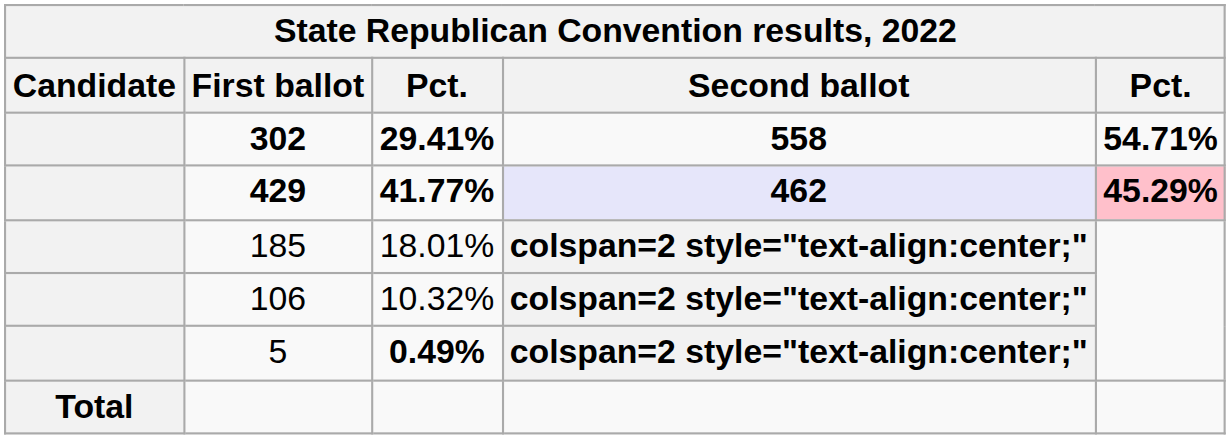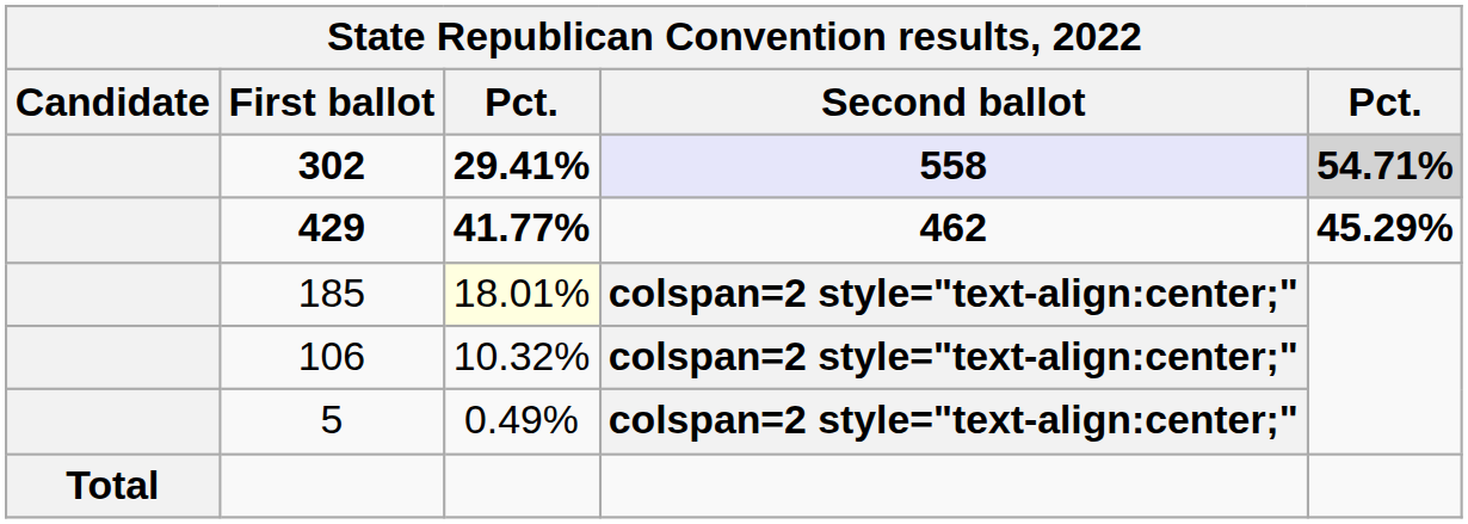 <table class="wikitable sortable plainrowheaders">
 <tr>
 <th colspan="5" >State Republican Convention results, 2022</th>
 </tr>
 <tr style="background:#eee; text-align:center;">
 <th>Candidate</th>
 <th>First ballot</th>
 <th>Pct.</th>
 <th>Second ballot</th>
 <th>Pct.</th>
 </tr>
 <tr>
 <th scope="row"></th>
 <td style="text-align:center;"><strong>302</strong></td>
 <td style="text-align:center;"><strong>29.41%</strong></td>
-<td style="text-align:center;"><strong>558</strong></td>
-<td style="text-align:center;"><strong>54.71%</strong></td>
+<td style="background: lavender; text-align:center;"><strong>558</strong></td>
+<td style="background: lightgrey; text-align:center;"><strong>54.71%</strong></td>
 </tr>
 <tr>
 <th scope="row"></th>
 <td style="text-align:center;"><strong>429</strong></td>
 <td style="text-align:center;"><strong>41.77%</strong></td>
-<td style="background: lavender; text-align:center;"><strong>462</strong></td>
-<td style="background: pink; text-align:center;"><strong>45.29%</strong></td>
+<td style="text-align:center;"><strong>462</strong></td>
+<td style="text-align:center;"><strong>45.29%</strong></td>
 </tr>
 <tr>
 <th scope="row"></th>
 <td style="text-align:center;">185</td>
-<td style="text-align:center;">18.01%</td>
+<td style="background: lightyellow; text-align:center;">18.01%</td>
 <th>colspan=2 style="text-align:center;" </th>
 </tr>
 <tr>
 <th scope="row"></th>
 <td style="text-align:center;">106</td>
 <td style="text-align:center;">10.32%</td>
 <th>colspan=2 style="text-align:center;" </th>
 </tr>
 <tr>
 <th scope="row"></th>
 <td style="text-align:center;">5</td>
-<td style="text-align:center;"><strong>0.49%</strong></td>
+<td style="text-align:center;">0.49%</td>
 <th>colspan=2 style="text-align:center;" </th>
 </tr>
 <tr>
 <th scope="row"><strong>Total</strong></th>
 <td style="text-align:center;"><strong></strong></td>
 <td style="text-align:center;"><strong></strong></td>
 <td style="text-align:center;"><strong></strong></td>
 <td style="text-align:center;"><strong></strong></td>
 </tr>
 </table>
